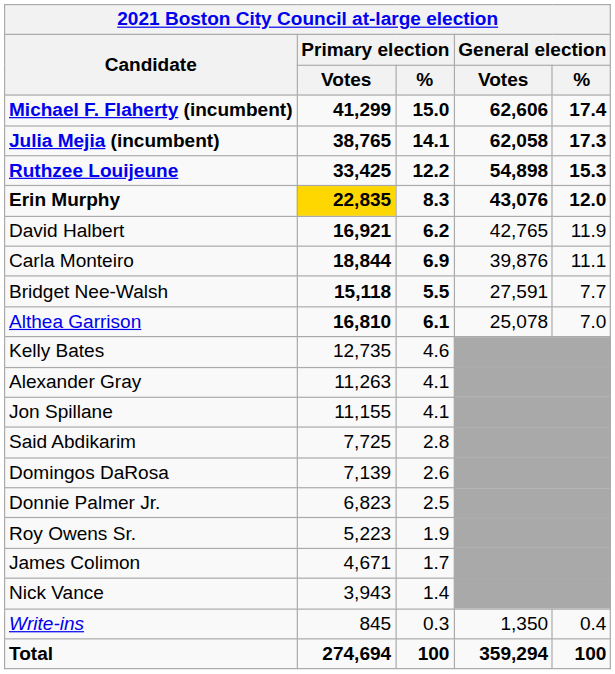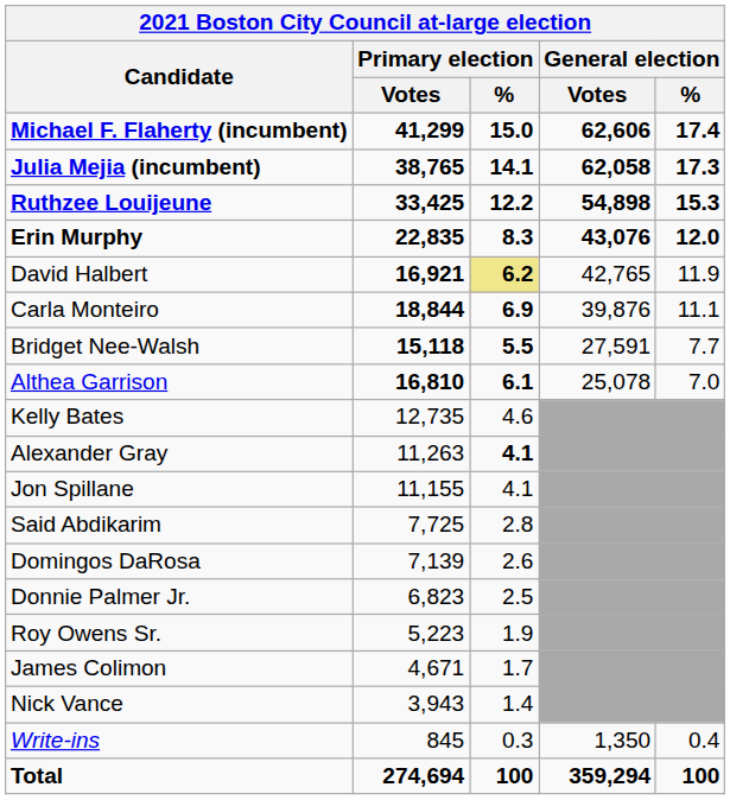 <table class=wikitable>
 <tr>
 <th colspan=5><a href='#'>2021 Boston City Council at-large election</a></th>
 </tr>
 <tr>
 <th colspan=1 rowspan=2>Candidate</th>
 <th colspan=2><strong>Primary election</strong></th>
 <th colspan=2><strong>General election</strong></th>
 </tr>
 <tr>
 <th>Votes</th>
 <th>%</th>
 <th>Votes</th>
 <th>%</th>
 </tr>
 <tr>
 <td><strong><a href='#'>Michael F. Flaherty</a> (incumbent)</strong></td>
 <td align="right"><strong>41,299</strong></td>
 <td align="right"><strong>15.0</strong></td>
 <td align="right"><strong>62,606</strong></td>
 <td align="right"><strong>17.4</strong></td>
 </tr>
 <tr>
 <td><strong><a href='#'>Julia Mejia</a> (incumbent)</strong></td>
 <td align="right"><strong>38,765</strong></td>
 <td align="right"><strong>14.1</strong></td>
 <td align="right"><strong>62,058</strong></td>
 <td align="right"><strong>17.3</strong></td>
 </tr>
 <tr>
 <td><strong><a href='#'>Ruthzee Louijeune</a></strong></td>
 <td align="right"><strong>33,425</strong></td>
 <td align="right"><strong>12.2</strong></td>
 <td align="right"><strong>54,898</strong></td>
 <td align="right"><strong>15.3</strong></td>
 </tr>
 <tr>
 <td><strong>Erin Murphy</strong></td>
-<td align="right" style="background: gold;"><strong>22,835</strong></td>
+<td align="right"><strong>22,835</strong></td>
 <td align="right"><strong>8.3</strong></td>
 <td align="right"><strong>43,076</strong></td>
 <td align="right"><strong>12.0</strong></td>
 </tr>
 <tr>
 <td>David Halbert</td>
 <td align="right"><strong>16,921</strong></td>
-<td align="right"><strong>6.2</strong></td>
+<td align="right" style="background: khaki;"><strong>6.2</strong></td>
 <td align="right">42,765</td>
 <td align="right">11.9</td>
 </tr>
 <tr>
 <td>Carla Monteiro</td>
 <td align="right"><strong>18,844</strong></td>
 <td align="right"><strong>6.9</strong></td>
 <td align="right">39,876</td>
 <td align="right">11.1</td>
 </tr>
 <tr>
 <td>Bridget Nee-Walsh</td>
 <td align="right"><strong>15,118</strong></td>
 <td align="right"><strong>5.5</strong></td>
 <td align="right">27,591</td>
 <td align="right">7.7</td>
 </tr>
 <tr>
 <td><a href='#'>Althea Garrison</a></td>
 <td align="right"><strong>16,810</strong></td>
 <td align="right"><strong>6.1</strong></td>
 <td align="right">25,078</td>
 <td align="right">7.0</td>
 </tr>
 <tr>
 <td>Kelly Bates</td>
 <td align="right">12,735</td>
 <td align="right">4.6</td>
 <td colspan=2 bgcolor=darkgray> </td>
 </tr>
 <tr>
 <td>Alexander Gray</td>
 <td align="right">11,263</td>
-<td align="right">4.1</td>
+<td align="right"><strong>4.1</strong></td>
 <td colspan=2 bgcolor=darkgray> </td>
 </tr>
 <tr>
 <td>Jon Spillane</td>
 <td align="right">11,155</td>
 <td align="right">4.1</td>
 <td colspan=2 bgcolor=darkgray> </td>
 </tr>
 <tr>
 <td>Said Abdikarim</td>
 <td align="right">7,725</td>
 <td align="right">2.8</td>
 <td colspan=2 bgcolor=darkgray> </td>
 </tr>
 <tr>
 <td>Domingos DaRosa</td>
 <td align="right">7,139</td>
 <td align="right">2.6</td>
 <td colspan=2 bgcolor=darkgray> </td>
 </tr>
 <tr>
 <td>Donnie Palmer Jr.</td>
 <td align="right">6,823</td>
 <td align="right">2.5</td>
 <td colspan=2 bgcolor=darkgray> </td>
 </tr>
 <tr>
 <td>Roy Owens Sr.</td>
 <td align="right">5,223</td>
 <td align="right">1.9</td>
 <td colspan=2 bgcolor=darkgray> </td>
 </tr>
 <tr>
 <td>James Colimon</td>
 <td align="right">4,671</td>
 <td align="right">1.7</td>
 <td colspan=2 bgcolor=darkgray> </td>
 </tr>
 <tr>
 <td>Nick Vance</td>
 <td align="right">3,943</td>
 <td align="right">1.4</td>
 <td colspan=2 bgcolor=darkgray> </td>
 </tr>
 <tr>
 <td><em><a href='#'>Write-ins</a></em></td>
 <td align="right">845</td>
 <td align="right">0.3</td>
 <td align="right">1,350</td>
 <td align="right">0.4</td>
 </tr>
 <tr>
 <td><strong>Total</strong></td>
 <td align="right"><strong>274,694</strong></td>
 <td align="right"><strong>100</strong></td>
 <td align="right"><strong>359,294</strong></td>
 <td align="right"><strong>100</strong></td>
 </tr>
 </table>
